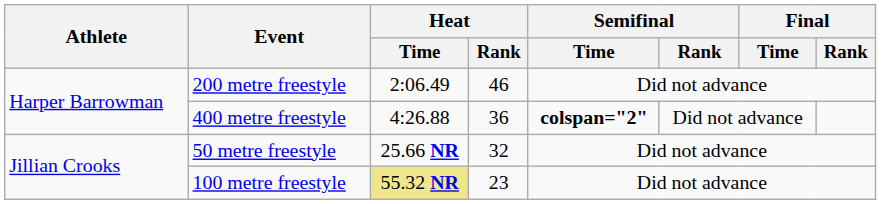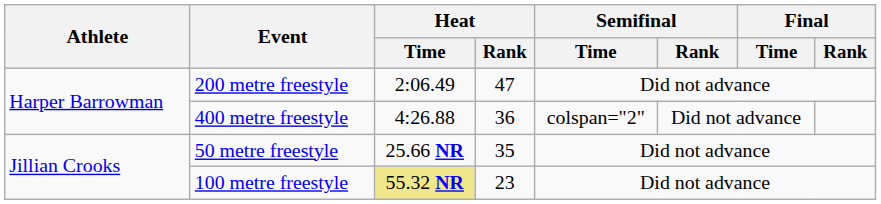 <table class="wikitable" style="text-align:center; font-size:90%; width:50%;">
 <tr>
 <th rowspan="2">Athlete</th>
 <th rowspan="2">Event</th>
 <th colspan="2">Heat</th>
 <th colspan="2">Semifinal</th>
 <th colspan="2">Final</th>
 </tr>
 <tr style="font-size:95%">
 <th>Time</th>
 <th>Rank</th>
 <th>Time</th>
 <th>Rank</th>
 <th>Time</th>
 <th>Rank</th>
 </tr>
 <tr>
 <td align=left rowspan=2><a href='#'>Harper Barrowman</a></td>
 <td align=left><a href='#'>200 metre freestyle</a></td>
 <td>2:06.49</td>
-<td>46</td>
+<td>47</td>
 <td colspan=4>Did not advance</td>
 </tr>
 <tr>
 <td align=left><a href='#'>400 metre freestyle</a></td>
 <td>4:26.88</td>
 <td>36</td>
-<td><strong>colspan="2" </strong></td>
+<td>colspan="2" </td>
 <td colspan="2">Did not advance</td>
 </tr>
 <tr>
 <td align=left rowspan=2><a href='#'>Jillian Crooks</a></td>
 <td align=left><a href='#'>50 metre freestyle</a></td>
 <td>25.66 <strong><a href='#'>NR</a></strong></td>
-<td>32</td>
+<td>35</td>
 <td colspan=4>Did not advance</td>
 </tr>
 <tr>
 <td align=left><a href='#'>100 metre freestyle</a></td>
 <td style="background: khaki;">55.32 <strong><a href='#'>NR</a></strong></td>
 <td>23</td>
 <td colspan=4>Did not advance</td>
 </tr>
 </table>
